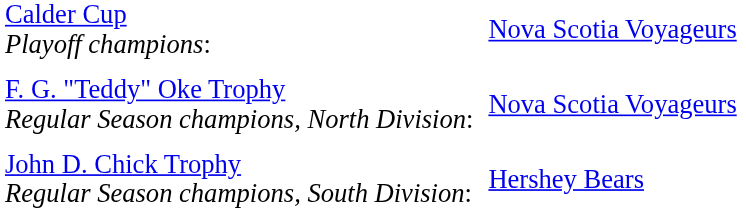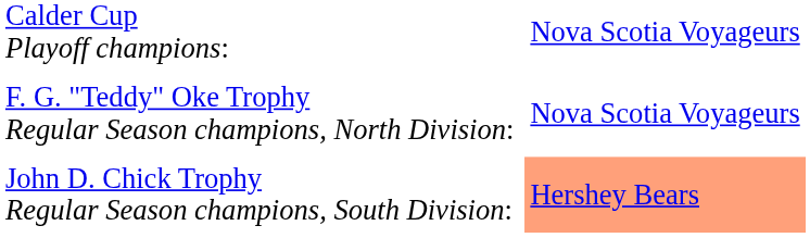 <table cellpadding="3" cellspacing="3">
 <tr>
 <td><a href='#'>Calder Cup</a><br><em>Playoff champions</em>:</td>
 <td><a href='#'>Nova Scotia Voyageurs</a></td>
 </tr>
 <tr>
 <td><a href='#'>F. G. "Teddy" Oke Trophy</a><br><em>Regular Season champions, North Division</em>:</td>
 <td><a href='#'>Nova Scotia Voyageurs</a></td>
 </tr>
 <tr>
 <td><a href='#'>John D. Chick Trophy</a><br><em>Regular Season champions, South Division</em>:</td>
-<td><a href='#'>Hershey Bears</a></td>
+<td style="background: lightsalmon;"><a href='#'>Hershey Bears</a></td>
 </tr>
 </table>
